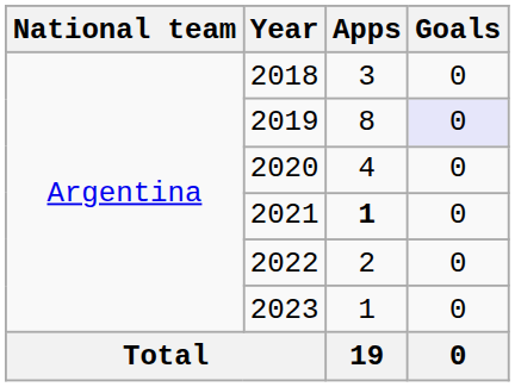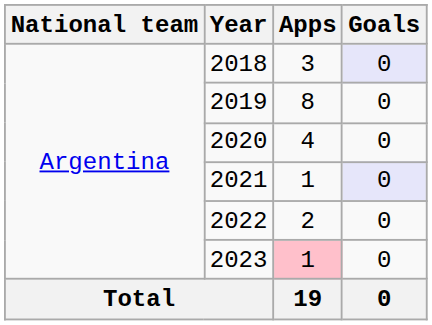 <table class="wikitable" style="text-align:center">
 <tr>
 <th>National team</th>
 <th>Year</th>
 <th>Apps</th>
 <th>Goals</th>
 </tr>
 <tr>
 <td rowspan="6"><a href='#'>Argentina</a></td>
 <td>2018</td>
 <td>3</td>
-<td>0</td>
+<td style="background: lavender;">0</td>
 </tr>
 <tr>
 <td>2019</td>
 <td>8</td>
-<td style="background: lavender;">0</td>
+<td>0</td>
 </tr>
 <tr>
 <td>2020</td>
 <td>4</td>
 <td>0</td>
 </tr>
 <tr>
 <td>2021</td>
-<td><strong>1</strong></td>
-<td>0</td>
+<td>1</td>
+<td style="background: lavender;">0</td>
 </tr>
 <tr>
 <td>2022</td>
 <td>2</td>
 <td>0</td>
 </tr>
 <tr>
 <td>2023</td>
-<td>1</td>
+<td style="background: pink;">1</td>
 <td>0</td>
 </tr>
 <tr>
 <th colspan="2">Total</th>
 <th>19</th>
 <th>0</th>
 </tr>
 </table>
